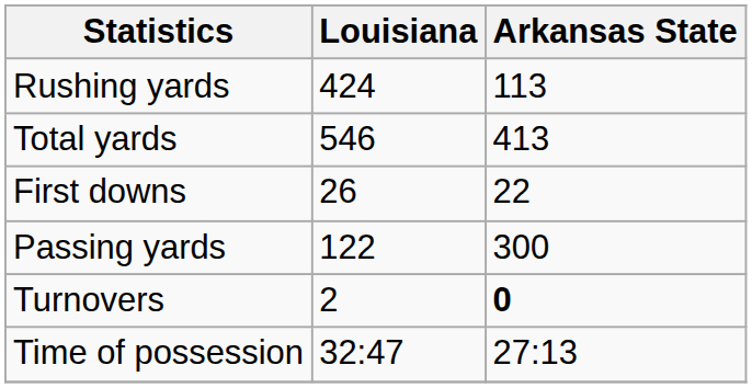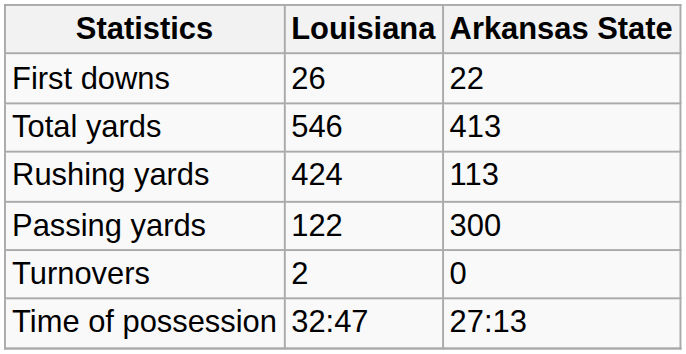 <table class="wikitable">
 <tr>
 <th>Statistics</th>
 <th>Louisiana</th>
 <th>Arkansas State</th>
 </tr>
 <tr>
-<td>Rushing yards</td>
-<td>424</td>
-<td>113</td>
+<td>First downs</td>
+<td>26</td>
+<td>22</td>
 </tr>
 <tr>
 <td>Total yards</td>
 <td>546</td>
 <td>413</td>
 </tr>
 <tr>
-<td>First downs</td>
-<td>26</td>
-<td>22</td>
+<td>Rushing yards</td>
+<td>424</td>
+<td>113</td>
 </tr>
 <tr>
 <td>Passing yards</td>
 <td>122</td>
 <td>300</td>
 </tr>
 <tr>
 <td>Turnovers</td>
 <td>2</td>
-<td><strong>0</strong></td>
+<td>0</td>
 </tr>
 <tr>
 <td>Time of possession</td>
 <td>32:47</td>
 <td>27:13</td>
 </tr>
 <tr>
 </tr>
 </table>
